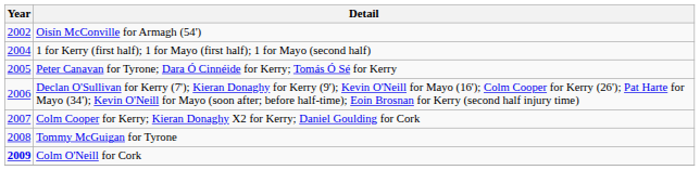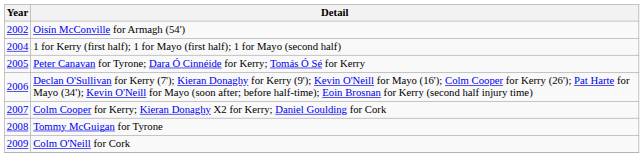 <table class="wikitable sortable" width="75%">
 <tr>
 <th>Year</th>
 <th>Detail</th>
 </tr>
 <tr>
 <td><a href='#'>2002</a></td>
 <td><a href='#'>Oisín McConville</a> for Armagh (54')</td>
 </tr>
 <tr>
 <td><a href='#'>2004</a></td>
 <td>1 for Kerry (first half); 1 for Mayo (first half); 1 for Mayo (second half)</td>
 </tr>
 <tr>
 <td><a href='#'>2005</a></td>
 <td><a href='#'>Peter Canavan</a> for Tyrone; <a href='#'>Dara Ó Cinnéide</a> for Kerry; <a href='#'>Tomás Ó Sé</a> for Kerry</td>
 </tr>
 <tr>
 <td><a href='#'>2006</a></td>
 <td><a href='#'>Declan O'Sullivan</a> for Kerry (7'); <a href='#'>Kieran Donaghy</a> for Kerry (9'); <a href='#'>Kevin O'Neill</a> for Mayo (16'); <a href='#'>Colm Cooper</a> for Kerry (26'); <a href='#'>Pat Harte</a> for Mayo (34'); <a href='#'>Kevin O'Neill</a> for Mayo (soon after; before half-time); <a href='#'>Eoin Brosnan</a> for Kerry (second half injury time)</td>
 </tr>
 <tr>
 <td><a href='#'>2007</a></td>
 <td><a href='#'>Colm Cooper</a> for Kerry; <a href='#'>Kieran Donaghy</a> X2 for Kerry; <a href='#'>Daniel Goulding</a> for Cork</td>
 </tr>
 <tr>
 <td><a href='#'>2008</a></td>
 <td><a href='#'>Tommy McGuigan</a> for Tyrone</td>
 </tr>
 <tr>
-<td><strong><a href='#'>2009</a></strong></td>
+<td><a href='#'>2009</a></td>
 <td><a href='#'>Colm O'Neill</a> for Cork</td>
 </tr>
 <tr>
 </tr>
 </table>
